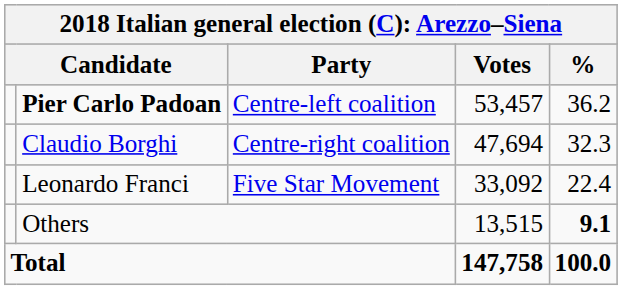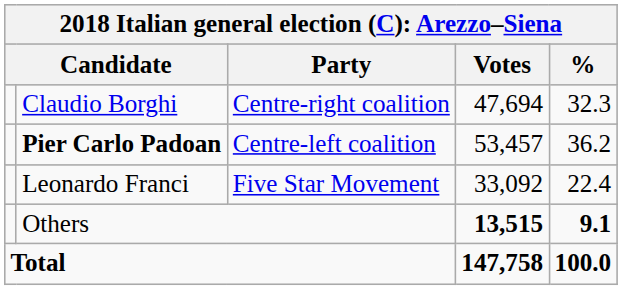 <table class=wikitable style=text-align:right>
 <tr>
 <th colspan=5>2018 Italian general election (<a href='#'>C</a>): <a href='#'>Arezzo</a>–<a href='#'>Siena</a></th>
 </tr>
 <tr>
 <th colspan=2>Candidate</th>
 <th>Party</th>
 <th>Votes</th>
 <th>%</th>
 </tr>
 <tr>
 <td></td>
+<td align=left><a href='#'>Claudio Borghi</a></td>
+<td align=left><a href='#'>Centre-right coalition</a></td>
+<td>47,694</td>
+<td>32.3</td>
+</tr>
+<tr>
+<td></td>
 <td align=left><strong>Pier Carlo Padoan</strong></td>
 <td align=left><a href='#'>Centre-left coalition</a></td>
 <td>53,457</td>
 <td>36.2</td>
-</tr>
-<tr>
-<td></td>
-<td align=left><a href='#'>Claudio Borghi</a></td>
-<td align=left><a href='#'>Centre-right coalition</a></td>
-<td>47,694</td>
-<td>32.3</td>
 </tr>
 <tr>
 <td></td>
 <td align=left>Leonardo Franci</td>
 <td align=left><a href='#'>Five Star Movement</a></td>
 <td>33,092</td>
 <td>22.4</td>
 </tr>
 <tr>
 <td></td>
 <td align=left colspan=2>Others</td>
-<td>13,515</td>
+<td><strong>13,515</strong></td>
 <td><strong>9.1</strong></td>
 </tr>
 <tr>
 <td align=left colspan=3><strong>Total</strong></td>
 <td><strong>147,758</strong></td>
 <td><strong>100.0</strong></td>
 </tr>
 </table>
